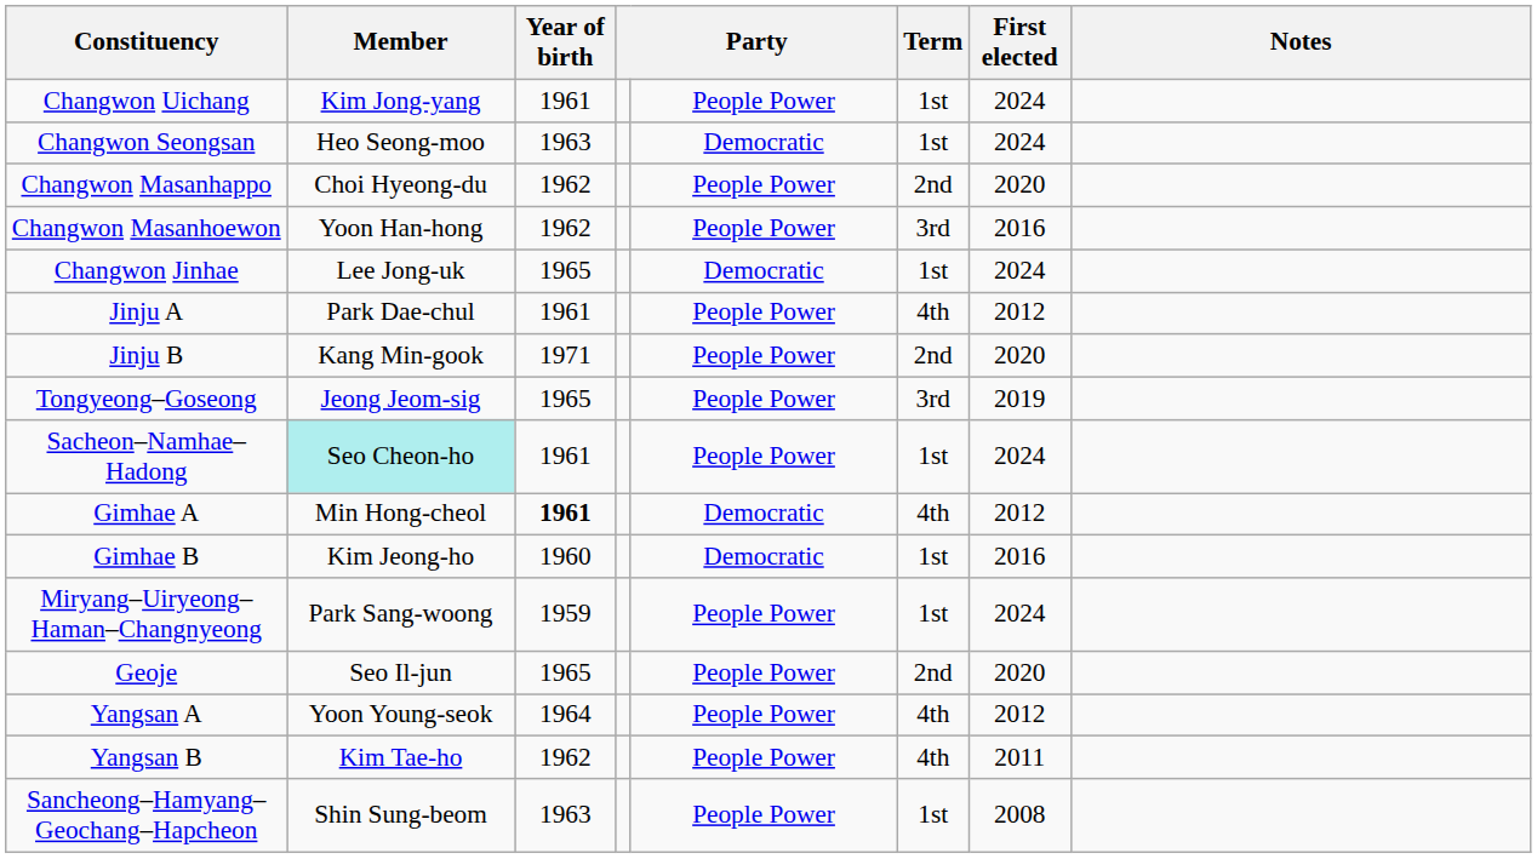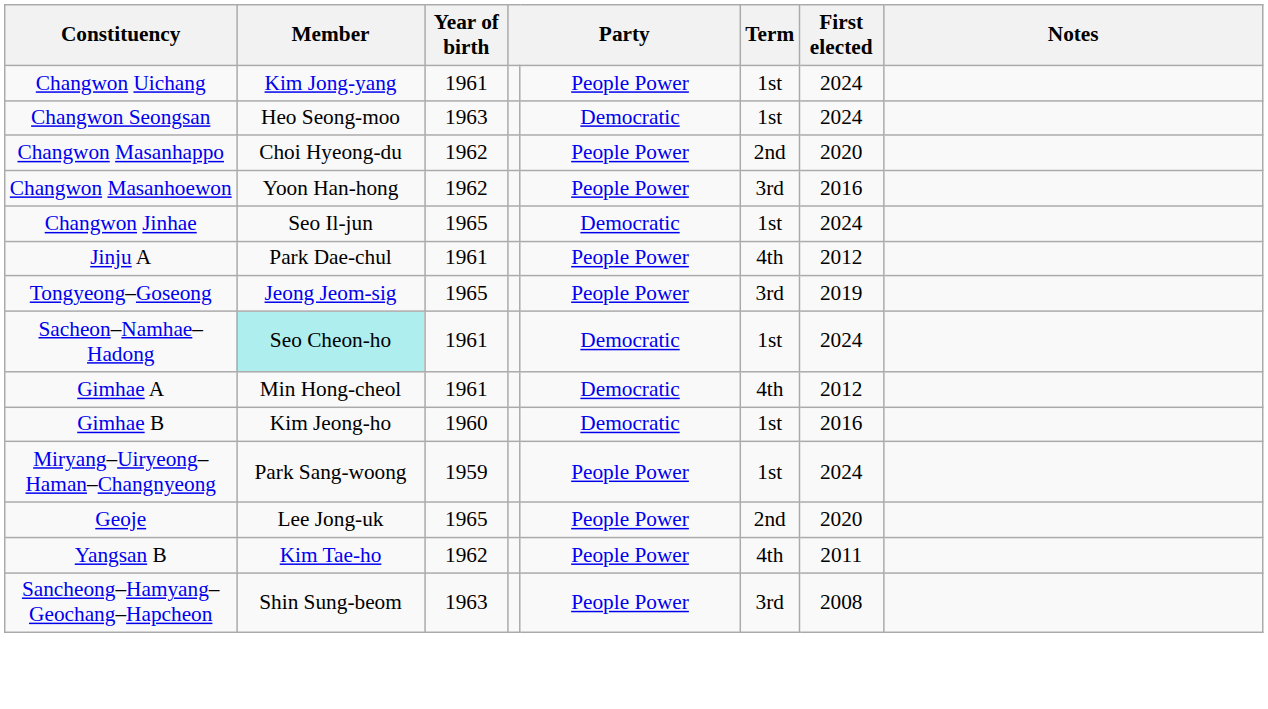 <table class="wikitable sortable" style="font-size:90%; text-align:center">
 <tr>
 <th scope="col" style="width:150px;">Constituency</th>
 <th scope="col" style="width:120px;">Member</th>
 <th scope="col" style="width:50px;">Year of birth</th>
 <th scope="col" style="width:150px;" colspan="2">Party</th>
 <th scope="col" style="width:20px;">Term</th>
 <th scope="col" style="width:50px;">First elected</th>
 <th scope="col" style="width:250px;" class="unsortable">Notes</th>
 </tr>
 <tr>
 <td><a href='#'>Changwon</a> <a href='#'>Uichang</a></td>
 <td><a href='#'>Kim Jong-yang</a></td>
 <td>1961</td>
 <td scope="row" width="1" style="background-color:"></td>
 <td><a href='#'>People Power</a></td>
 <td>1st</td>
 <td>2024</td>
 </tr>
 <tr>
 <td><a href='#'>Changwon Seongsan</a></td>
 <td>Heo Seong-moo</td>
 <td>1963</td>
 <td scope="row" style="background-color:"></td>
 <td><a href='#'>Democratic</a></td>
 <td>1st</td>
 <td>2024</td>
 <td></td>
 </tr>
 <tr>
 <td><a href='#'>Changwon</a> <a href='#'>Masanhappo</a></td>
 <td>Choi Hyeong-du</td>
 <td>1962</td>
 <td scope="row" style="background-color:"></td>
 <td><a href='#'>People Power</a></td>
 <td>2nd</td>
 <td>2020</td>
 <td></td>
 </tr>
 <tr>
 <td><a href='#'>Changwon</a> <a href='#'>Masanhoewon</a></td>
 <td>Yoon Han-hong</td>
 <td>1962</td>
 <td scope="row" style="background-color:"></td>
 <td><a href='#'>People Power</a></td>
 <td>3rd</td>
 <td>2016</td>
 <td></td>
 </tr>
 <tr>
 <td><a href='#'>Changwon</a> <a href='#'>Jinhae</a></td>
-<td>Lee Jong-uk</td>
+<td>Seo Il-jun</td>
 <td>1965</td>
 <td scope="row" style="background-color:"></td>
 <td><a href='#'>Democratic</a></td>
 <td>1st</td>
 <td>2024</td>
 <td></td>
 </tr>
 <tr>
 <td><a href='#'>Jinju</a> A</td>
 <td>Park Dae-chul</td>
 <td>1961</td>
 <td scope="row" style="background-color:"></td>
 <td><a href='#'>People Power</a></td>
 <td>4th</td>
 <td>2012</td>
 <td></td>
 </tr>
 <tr>
-<td><a href='#'>Jinju</a> B</td>
-<td>Kang Min-gook</td>
-<td>1971</td>
-<td scope="row" style="background-color:"></td>
-<td><a href='#'>People Power</a></td>
-<td>2nd</td>
-<td>2020</td>
-<td></td>
-</tr>
-<tr>
 <td><a href='#'>Tongyeong</a>–<a href='#'>Goseong</a></td>
 <td><a href='#'>Jeong Jeom-sig</a></td>
 <td>1965</td>
 <td scope="row" style="background-color:"></td>
 <td><a href='#'>People Power</a></td>
 <td>3rd</td>
 <td>2019</td>
 <td></td>
 </tr>
 <tr>
 <td><a href='#'>Sacheon</a>–<a href='#'>Namhae</a>–<a href='#'>Hadong</a></td>
 <td style="background: paleturquoise;">Seo Cheon-ho</td>
 <td>1961</td>
 <td scope="row" style="background-color:"></td>
-<td><a href='#'>People Power</a></td>
+<td><a href='#'>Democratic</a></td>
 <td>1st</td>
 <td>2024</td>
 <td></td>
 </tr>
 <tr>
 <td><a href='#'>Gimhae</a> A</td>
 <td>Min Hong-cheol</td>
-<td><strong>1961</strong></td>
+<td>1961</td>
 <td scope="row" style="background-color:"></td>
 <td><a href='#'>Democratic</a></td>
 <td>4th</td>
 <td>2012</td>
 <td></td>
 </tr>
 <tr>
 <td><a href='#'>Gimhae</a> B</td>
 <td>Kim Jeong-ho</td>
 <td>1960</td>
 <td scope="row" style="background-color:"></td>
 <td><a href='#'>Democratic</a></td>
 <td>1st</td>
 <td>2016</td>
 <td></td>
 </tr>
 <tr>
 <td><a href='#'>Miryang</a>–<a href='#'>Uiryeong</a>–<a href='#'>Haman</a>–<a href='#'>Changnyeong</a></td>
 <td>Park Sang-woong</td>
 <td>1959</td>
 <td scope="row" style="background-color:"></td>
 <td><a href='#'>People Power</a></td>
 <td>1st</td>
 <td>2024</td>
 <td></td>
 </tr>
 <tr>
 <td><a href='#'>Geoje</a></td>
-<td>Seo Il-jun</td>
+<td>Lee Jong-uk</td>
 <td>1965</td>
 <td scope="row" style="background-color:"></td>
 <td><a href='#'>People Power</a></td>
 <td>2nd</td>
 <td>2020</td>
-<td></td>
-</tr>
-<tr>
-<td><a href='#'>Yangsan</a> A</td>
-<td>Yoon Young-seok</td>
-<td>1964</td>
-<td scope="row" style="background-color:"></td>
-<td><a href='#'>People Power</a></td>
-<td>4th</td>
-<td>2012</td>
 <td></td>
 </tr>
 <tr>
 <td><a href='#'>Yangsan</a> B</td>
 <td><a href='#'>Kim Tae-ho</a></td>
 <td>1962</td>
 <td scope="row" style="background-color:"></td>
 <td><a href='#'>People Power</a></td>
 <td>4th</td>
 <td>2011</td>
 <td></td>
 </tr>
 <tr>
 <td><a href='#'>Sancheong</a>–<a href='#'>Hamyang</a>–<a href='#'>Geochang</a>–<a href='#'>Hapcheon</a></td>
 <td>Shin Sung-beom</td>
 <td>1963</td>
 <td scope="row" style="background-color:"></td>
 <td><a href='#'>People Power</a></td>
-<td>1st</td>
+<td>3rd</td>
 <td>2008</td>
 <td></td>
 </tr>
 </table>
